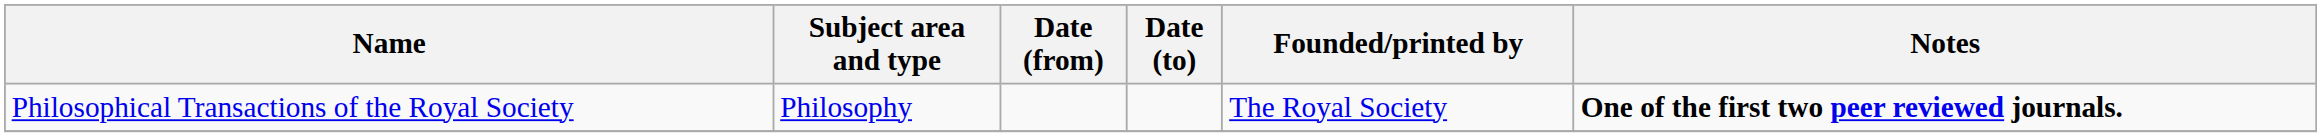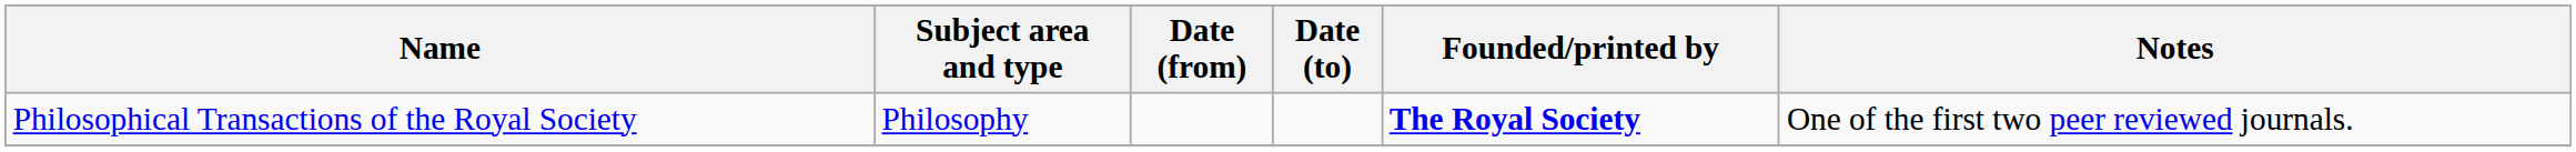 <table class="wikitable sortable" width="100%">
 <tr>
 <th>Name</th>
 <th>Subject area<br>and type</th>
 <th>Date<br>(from)</th>
 <th>Date<br>(to)</th>
 <th>Founded/printed by</th>
 <th>Notes</th>
 </tr>
 <tr>
 <td><a href='#'>Philosophical Transactions of the Royal Society</a></td>
 <td><a href='#'>Philosophy</a></td>
 <td> </td>
 <td> </td>
-<td><a href='#'>The Royal Society</a></td>
-<td><strong>One of the first two <a href='#'>peer reviewed</a> journals.</strong></td>
+<td><strong><a href='#'>The Royal Society</a></strong></td>
+<td>One of the first two <a href='#'>peer reviewed</a> journals.</td>
 </tr>
 <tr>
 </tr>
 </table>
